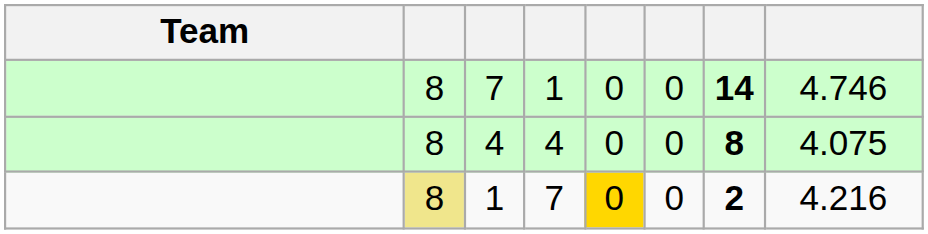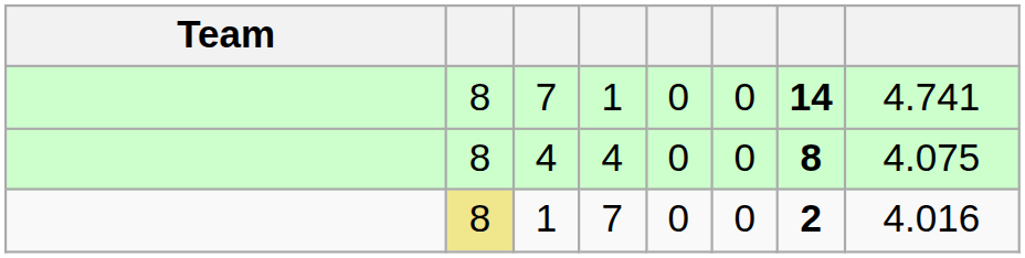 <table class="wikitable" style="text-align:center">
 <tr>
 <th style="width:175px;">Team</th>
 <th style="width:20px;"></th>
 <th style="width:20px;"></th>
 <th style="width:20px;"></th>
 <th style="width:20px;"></th>
 <th style="width:20px;"></th>
 <th style="width:20px;"></th>
 <th style="width:65px;"></th>
 </tr>
 <tr style="background:#cfc;">
 <td style="text-align:left"></td>
 <td>8</td>
 <td>7</td>
 <td>1</td>
 <td>0</td>
 <td>0</td>
 <td><strong>14</strong></td>
-<td>4.746</td>
+<td>4.741</td>
 </tr>
 <tr style="background:#cfc;">
 <td style="text-align:left"></td>
 <td>8</td>
 <td>4</td>
 <td>4</td>
 <td>0</td>
 <td>0</td>
 <td><strong>8</strong></td>
 <td>4.075</td>
 </tr>
 <tr>
 <td style="text-align:left"></td>
 <td style="background: khaki;">8</td>
 <td>1</td>
 <td>7</td>
-<td style="background: gold;">0</td>
+<td>0</td>
 <td>0</td>
 <td><strong>2</strong></td>
-<td>4.216</td>
+<td>4.016</td>
 </tr>
 </table>
